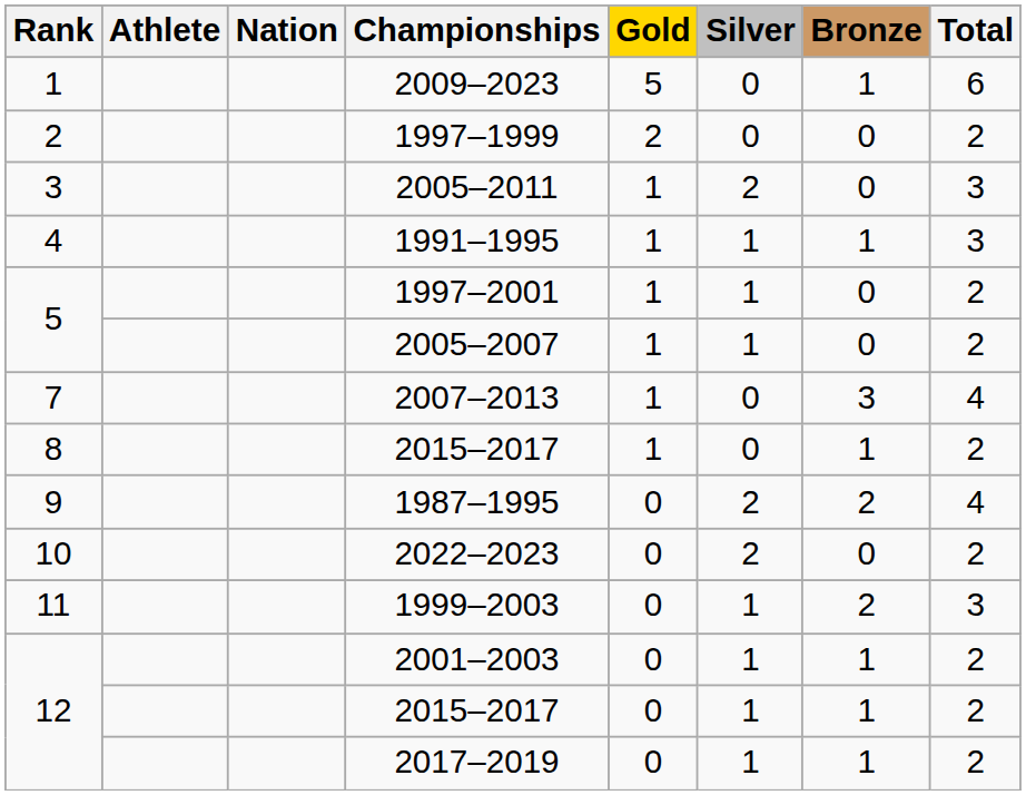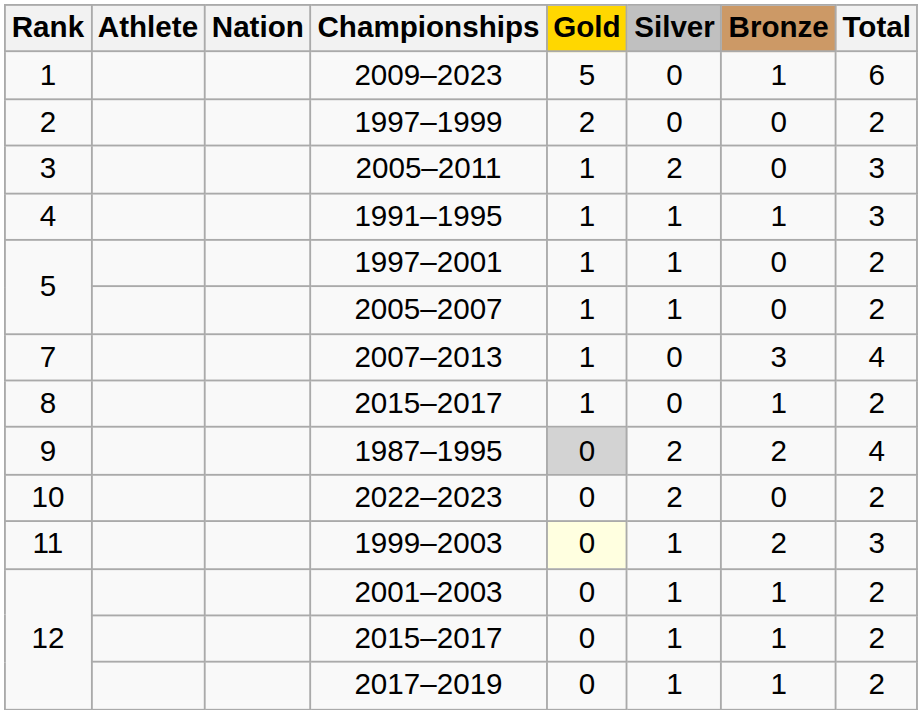 <table class="wikitable sortable" style="text-align:center">
 <tr>
 <th>Rank</th>
 <th>Athlete</th>
 <th>Nation</th>
 <th>Championships</th>
 <th style="background-color:gold">Gold</th>
 <th style="background-color:silver">Silver</th>
 <th style="background-color:#cc9966">Bronze</th>
 <th>Total</th>
 </tr>
 <tr>
 <td>1</td>
 <td align=left></td>
 <td align=left></td>
 <td>2009–2023</td>
 <td>5</td>
 <td>0</td>
 <td>1</td>
 <td>6</td>
 </tr>
 <tr>
 <td>2</td>
 <td align=left></td>
 <td align=left></td>
 <td>1997–1999</td>
 <td>2</td>
 <td>0</td>
 <td>0</td>
 <td>2</td>
 </tr>
 <tr>
 <td>3</td>
 <td align=left></td>
 <td align=left></td>
 <td>2005–2011</td>
 <td>1</td>
 <td>2</td>
 <td>0</td>
 <td>3</td>
 </tr>
 <tr>
 <td>4</td>
 <td align=left></td>
 <td align=left></td>
 <td>1991–1995</td>
 <td>1</td>
 <td>1</td>
 <td>1</td>
 <td>3</td>
 </tr>
 <tr>
 <td rowspan="2">5</td>
 <td align="left"></td>
 <td align=left></td>
 <td>1997–2001</td>
 <td>1</td>
 <td>1</td>
 <td>0</td>
 <td>2</td>
 </tr>
 <tr>
 <td align="left"></td>
 <td align=left></td>
 <td>2005–2007</td>
 <td>1</td>
 <td>1</td>
 <td>0</td>
 <td>2</td>
 </tr>
 <tr>
 <td>7</td>
 <td align=left></td>
 <td align=left></td>
 <td>2007–2013</td>
 <td>1</td>
 <td>0</td>
 <td>3</td>
 <td>4</td>
 </tr>
 <tr>
 <td>8</td>
 <td align=left></td>
 <td align=left></td>
 <td>2015–2017</td>
 <td>1</td>
 <td>0</td>
 <td>1</td>
 <td>2</td>
 </tr>
 <tr>
 <td>9</td>
 <td align=left></td>
 <td align=left></td>
 <td>1987–1995</td>
-<td>0</td>
+<td style="background: lightgrey;">0</td>
 <td>2</td>
 <td>2</td>
 <td>4</td>
 </tr>
 <tr>
 <td>10</td>
 <td align=left></td>
 <td align=left></td>
 <td>2022–2023</td>
 <td>0</td>
 <td>2</td>
 <td>0</td>
 <td>2</td>
 </tr>
 <tr>
 <td>11</td>
 <td align=left></td>
 <td align=left></td>
 <td>1999–2003</td>
-<td>0</td>
+<td style="background: lightyellow;">0</td>
 <td>1</td>
 <td>2</td>
 <td>3</td>
 </tr>
 <tr>
 <td rowspan="3">12</td>
 <td align="left"></td>
 <td align=left></td>
 <td>2001–2003</td>
 <td>0</td>
 <td>1</td>
 <td>1</td>
 <td>2</td>
 </tr>
 <tr>
 <td align="left"></td>
 <td align=left></td>
 <td>2015–2017</td>
 <td>0</td>
 <td>1</td>
 <td>1</td>
 <td>2</td>
 </tr>
 <tr>
 <td align="left"></td>
 <td align=left></td>
 <td>2017–2019</td>
 <td>0</td>
 <td>1</td>
 <td>1</td>
 <td>2</td>
 </tr>
 </table>
